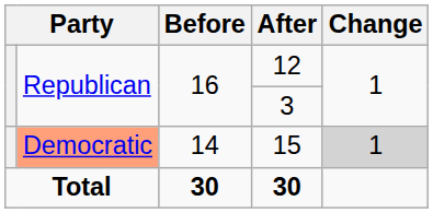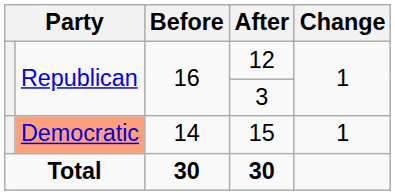 <table class="wikitable" style="text-align:center;">
 <tr>
 <th colspan="2">Party</th>
 <th>Before</th>
 <th>After</th>
 <th>Change</th>
 </tr>
 <tr>
 <th rowspan=2 style="background-color:"></th>
 <td rowspan=2 style="text-align:left;"><a href='#'>Republican</a></td>
 <td rowspan=2 >16</td>
 <td>12</td>
 <td rowspan=2> 1</td>
 </tr>
 <tr>
 <td>3</td>
 </tr>
 <tr>
 <th style="background-color:"></th>
 <td style="background: lightsalmon; text-align:left;"><a href='#'>Democratic</a></td>
 <td>14</td>
 <td>15</td>
-<td style="background: lightgrey;"> 1</td>
+<td> 1</td>
 </tr>
 <tr>
 <td colspan="2"><strong>Total</strong></td>
 <td><strong>30</strong></td>
 <td><strong>30</strong></td>
 <td></td>
 </tr>
 </table>
